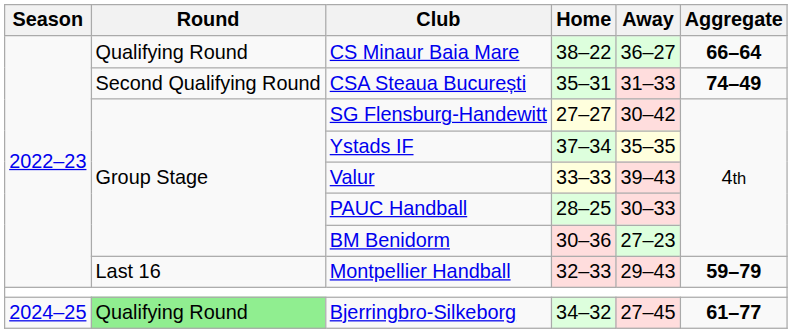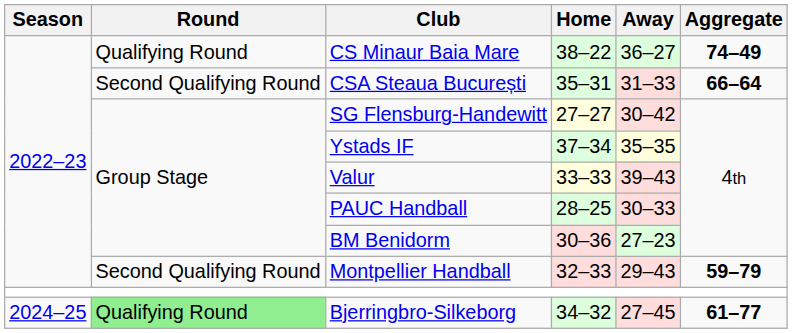 <table class="wikitable">
 <tr>
 <th>Season</th>
 <th>Round</th>
 <th>Club</th>
 <th>Home</th>
 <th>Away</th>
 <th>Aggregate</th>
 </tr>
 <tr>
 <td rowspan=8><a href='#'>2022–23</a></td>
 <td>Qualifying Round</td>
 <td> <a href='#'>CS Minaur Baia Mare</a></td>
 <td style="text-align:center; background:#dfd;">38–22</td>
 <td style="text-align:center; background:#dfd;">36–27</td>
-<td style="text-align:center;"><strong>66–64</strong></td>
+<td style="text-align:center;"><strong>74–49</strong></td>
 </tr>
 <tr>
 <td>Second Qualifying Round</td>
 <td> <a href='#'>CSA Steaua București</a></td>
 <td style="text-align:center; background:#dfd;">35–31</td>
 <td style="text-align:center; background:#fdd;">31–33</td>
-<td style="text-align:center;"><strong>74–49</strong></td>
+<td style="text-align:center;"><strong>66–64</strong></td>
 </tr>
 <tr>
 <td rowspan=5>Group Stage</td>
 <td> <a href='#'>SG Flensburg-Handewitt</a></td>
 <td style="text-align:center; background:#ffd;">27–27</td>
 <td style="text-align:center; background:#fdd;">30–42</td>
 <td align=center rowspan=5>4<small>th</small></td>
 </tr>
 <tr>
 <td> <a href='#'>Ystads IF</a></td>
 <td style="text-align:center; background:#dfd;">37–34</td>
 <td style="text-align:center; background:#ffd;">35–35</td>
 </tr>
 <tr>
 <td> <a href='#'>Valur</a></td>
 <td style="text-align:center; background:#ffd;">33–33</td>
 <td style="text-align:center; background:#fdd;">39–43</td>
 </tr>
 <tr>
 <td> <a href='#'>PAUC Handball</a></td>
 <td style="text-align:center; background:#dfd;">28–25</td>
 <td style="text-align:center; background:#fdd;">30–33</td>
 </tr>
 <tr>
 <td> <a href='#'>BM Benidorm</a></td>
 <td style="text-align:center; background:#fdd;">30–36</td>
 <td style="text-align:center; background:#dfd;">27–23</td>
 </tr>
 <tr>
-<td>Last 16</td>
+<td>Second Qualifying Round</td>
 <td> <a href='#'>Montpellier Handball</a></td>
 <td style="text-align:center; background:#fdd;">32–33</td>
 <td style="text-align:center; background:#fdd;">29–43</td>
 <td style="text-align:center;"><strong>59–79</strong></td>
 </tr>
 <tr>
 <td colspan=7 style="text-align: center;" bgcolor=white></td>
 </tr>
 <tr>
 <td rowspan=1><a href='#'>2024–25</a></td>
 <td style="background: lightgreen;">Qualifying Round</td>
 <td> <a href='#'>Bjerringbro-Silkeborg</a></td>
 <td style="text-align:center; background:#dfd;">34–32</td>
 <td style="text-align:center; background:#fdd;">27–45</td>
 <td style="text-align:center;"><strong>61–77</strong></td>
 </tr>
 </table>
